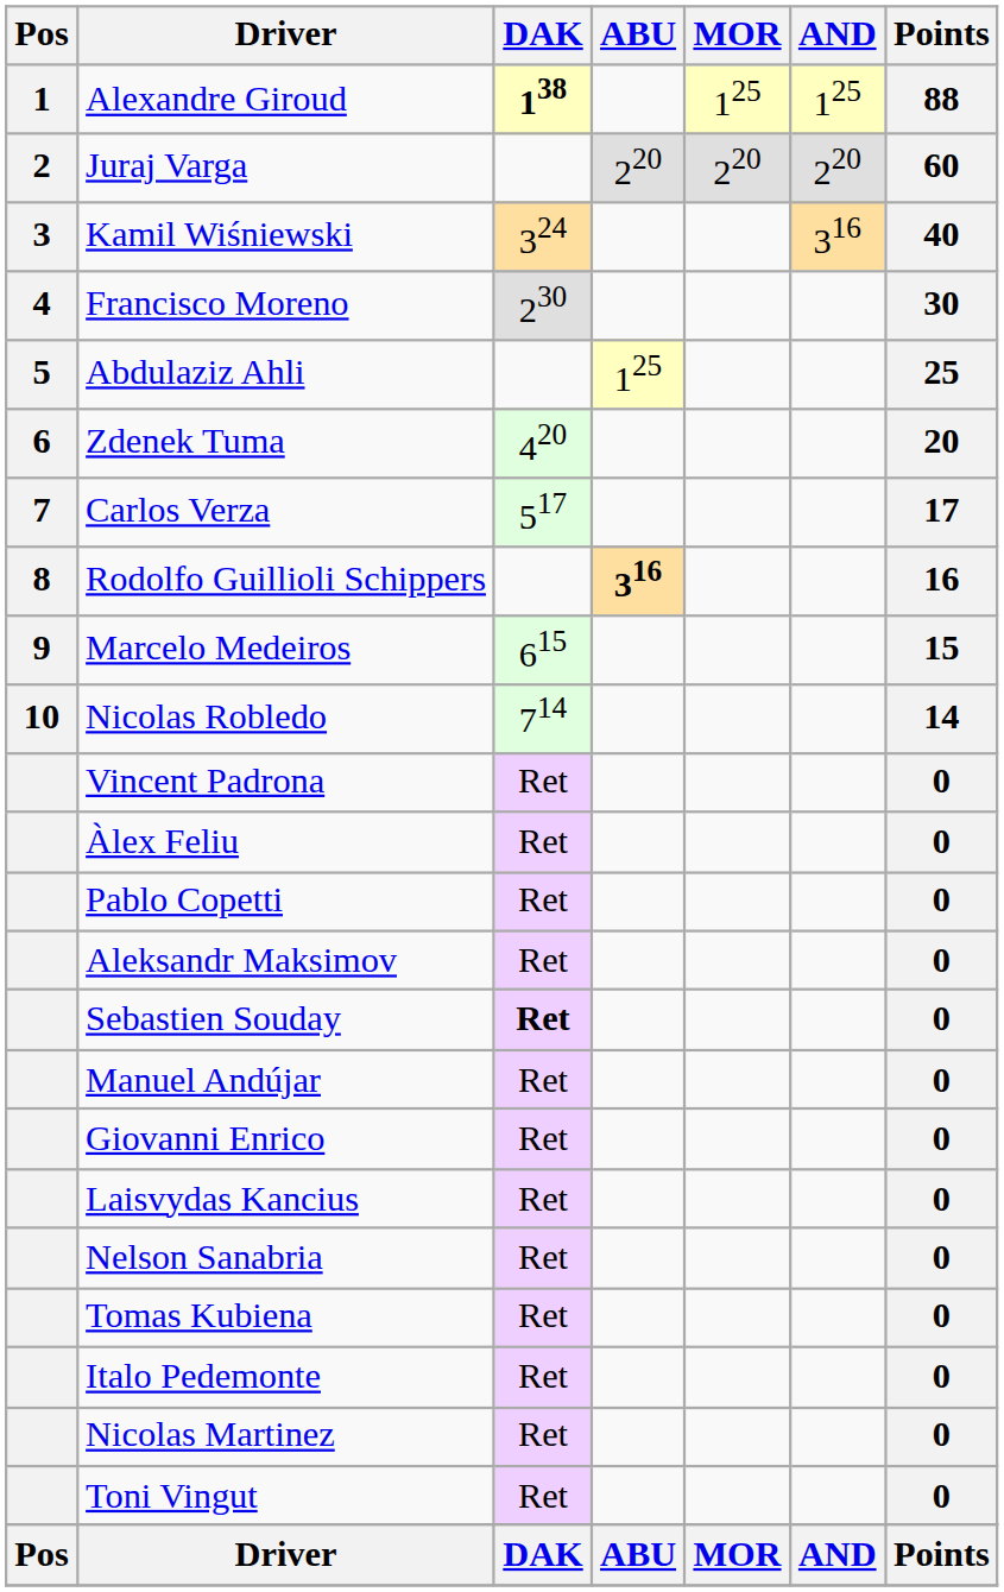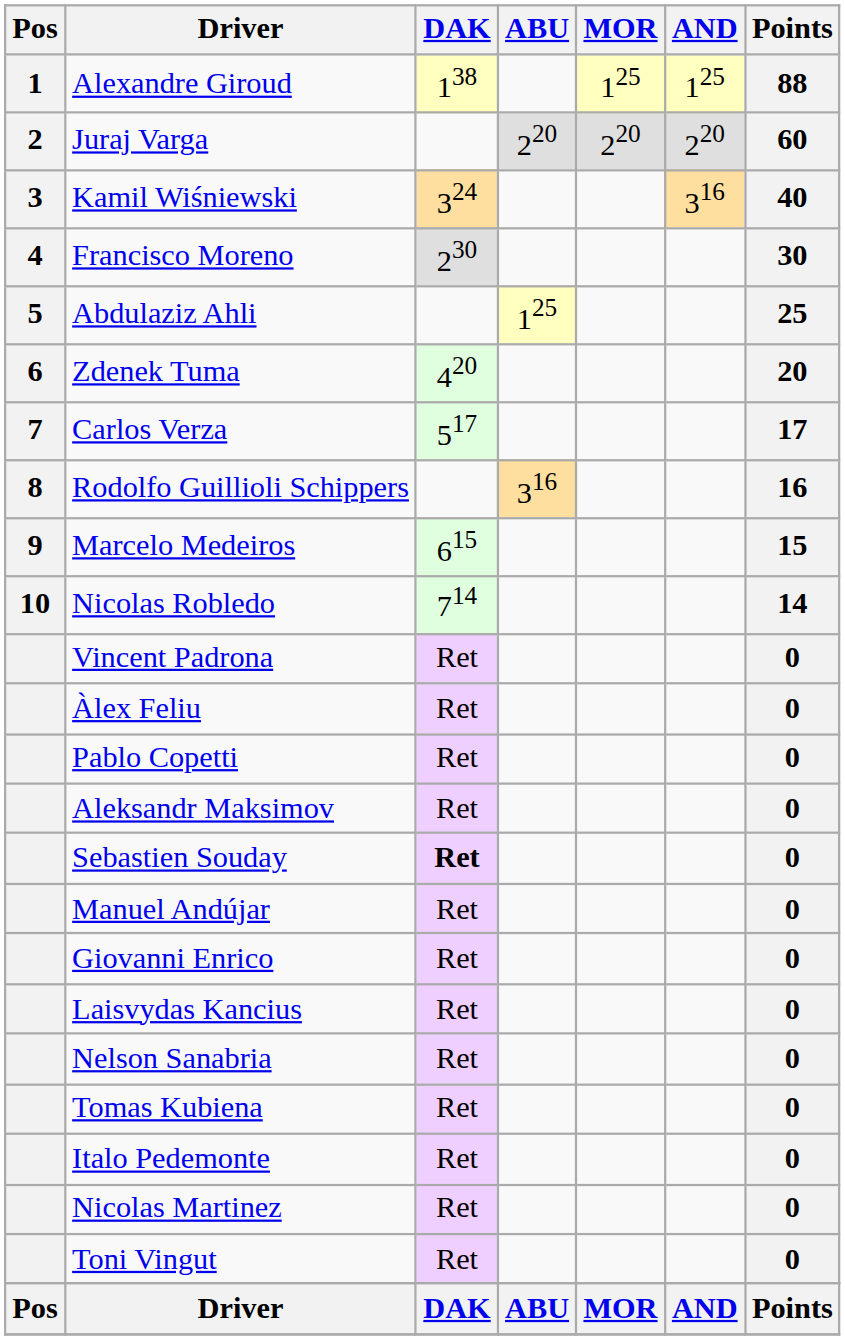 <table class="wikitable" style="font-size: 85%; text-align: center; display: inline-table;">
 <tr valign="top">
 <th valign="middle">Pos</th>
 <th valign="middle">Driver</th>
 <th><a href='#'>DAK</a><br></th>
 <th><a href='#'>ABU</a><br></th>
 <th><a href='#'>MOR</a><br></th>
 <th><a href='#'>AND</a><br></th>
 <th valign="middle">Points</th>
 </tr>
 <tr>
 <th>1</th>
 <td align=left> <a href='#'>Alexandre Giroud</a></td>
-<td style="background:#ffffbf;"><strong>1<sup>38</sup></strong></td>
+<td style="background:#ffffbf;">1<sup>38</sup></td>
 <td></td>
 <td style="background:#ffffbf;">1<sup>25</sup></td>
 <td style="background:#ffffbf;">1<sup>25</sup></td>
 <th>88</th>
 </tr>
 <tr>
 <th>2</th>
 <td align=left> <a href='#'>Juraj Varga</a></td>
 <td></td>
 <td style="background:#dfdfdf;">2<sup>20</sup></td>
 <td style="background:#dfdfdf;">2<sup>20</sup></td>
 <td style="background:#dfdfdf;">2<sup>20</sup></td>
 <th>60</th>
 </tr>
 <tr>
 <th>3</th>
 <td align=left> <a href='#'>Kamil Wiśniewski</a></td>
 <td style="background:#ffdf9f;">3<sup>24</sup></td>
 <td></td>
 <td></td>
 <td style="background:#ffdf9f;">3<sup>16</sup></td>
 <th>40</th>
 </tr>
 <tr>
 <th>4</th>
 <td align=left> <a href='#'>Francisco Moreno</a></td>
 <td style="background:#dfdfdf;">2<sup>30</sup></td>
 <td></td>
 <td></td>
 <td></td>
 <th>30</th>
 </tr>
 <tr>
 <th>5</th>
 <td align=left> <a href='#'>Abdulaziz Ahli</a></td>
 <td></td>
 <td style="background:#ffffbf;">1<sup>25</sup></td>
 <td></td>
 <td></td>
 <th>25</th>
 </tr>
 <tr>
 <th>6</th>
 <td align=left> <a href='#'>Zdenek Tuma</a></td>
 <td style="background:#dfffdf;">4<sup>20</sup></td>
 <td></td>
 <td></td>
 <td></td>
 <th>20</th>
 </tr>
 <tr>
 <th>7</th>
 <td align=left> <a href='#'>Carlos Verza</a></td>
 <td style="background:#dfffdf;">5<sup>17</sup></td>
 <td></td>
 <td></td>
 <td></td>
 <th>17</th>
 </tr>
 <tr>
 <th>8</th>
 <td align=left> <a href='#'>Rodolfo Guillioli Schippers</a></td>
 <td></td>
-<td style="background:#ffdf9f;"><strong>3<sup>16</sup></strong></td>
+<td style="background:#ffdf9f;">3<sup>16</sup></td>
 <td></td>
 <td></td>
 <th>16</th>
 </tr>
 <tr>
 <th>9</th>
 <td align=left> <a href='#'>Marcelo Medeiros</a></td>
 <td style="background:#dfffdf;">6<sup>15</sup></td>
 <td></td>
 <td></td>
 <td></td>
 <th>15</th>
 </tr>
 <tr>
 <th>10</th>
 <td align=left> <a href='#'>Nicolas Robledo</a></td>
 <td style="background:#dfffdf;">7<sup>14</sup></td>
 <td></td>
 <td></td>
 <td></td>
 <th>14</th>
 </tr>
 <tr>
 <th></th>
 <td align=left> <a href='#'>Vincent Padrona</a></td>
 <td style="background:#efcfff;">Ret</td>
 <td></td>
 <td></td>
 <td></td>
 <th>0</th>
 </tr>
 <tr>
 <th></th>
 <td align=left> <a href='#'>Àlex Feliu</a></td>
 <td style="background:#efcfff;">Ret</td>
 <td></td>
 <td></td>
 <td></td>
 <th>0</th>
 </tr>
 <tr>
 <th></th>
 <td align=left> <a href='#'>Pablo Copetti</a></td>
 <td style="background:#efcfff;">Ret</td>
 <td></td>
 <td></td>
 <td></td>
 <th>0</th>
 </tr>
 <tr>
 <th></th>
 <td align=left> <a href='#'>Aleksandr Maksimov</a></td>
 <td style="background:#efcfff;">Ret</td>
 <td></td>
 <td></td>
 <td></td>
 <th>0</th>
 </tr>
 <tr>
 <th></th>
 <td align=left> <a href='#'>Sebastien Souday</a></td>
 <td style="background:#efcfff;"><strong>Ret</strong></td>
 <td></td>
 <td></td>
 <td></td>
 <th>0</th>
 </tr>
 <tr>
 <th></th>
 <td align=left> <a href='#'>Manuel Andújar</a></td>
 <td style="background:#efcfff;">Ret</td>
 <td></td>
 <td></td>
 <td></td>
 <th>0</th>
 </tr>
 <tr>
 <th></th>
 <td align=left> <a href='#'>Giovanni Enrico</a></td>
 <td style="background:#efcfff;">Ret</td>
 <td></td>
 <td></td>
 <td></td>
 <th>0</th>
 </tr>
 <tr>
 <th></th>
 <td align=left> <a href='#'>Laisvydas Kancius</a></td>
 <td style="background:#efcfff;">Ret</td>
 <td></td>
 <td></td>
 <td></td>
 <th>0</th>
 </tr>
 <tr>
 <th></th>
 <td align=left> <a href='#'>Nelson Sanabria</a></td>
 <td style="background:#efcfff;">Ret</td>
 <td></td>
 <td></td>
 <td></td>
 <th>0</th>
 </tr>
 <tr>
 <th></th>
 <td align=left> <a href='#'>Tomas Kubiena</a></td>
 <td style="background:#efcfff;">Ret</td>
 <td></td>
 <td></td>
 <td></td>
 <th>0</th>
 </tr>
 <tr>
 <th></th>
 <td align=left> <a href='#'>Italo Pedemonte</a></td>
 <td style="background:#efcfff;">Ret</td>
 <td></td>
 <td></td>
 <td></td>
 <th>0</th>
 </tr>
 <tr>
 <th></th>
 <td align=left> <a href='#'>Nicolas Martinez</a></td>
 <td style="background:#efcfff;">Ret</td>
 <td></td>
 <td></td>
 <td></td>
 <th>0</th>
 </tr>
 <tr>
 <th></th>
 <td align=left> <a href='#'>Toni Vingut</a></td>
 <td style="background:#efcfff;">Ret</td>
 <td></td>
 <td></td>
 <td></td>
 <th>0</th>
 </tr>
 <tr>
 </tr>
 <tr valign="top">
 <th valign="middle">Pos</th>
 <th valign="middle">Driver</th>
 <th><a href='#'>DAK</a><br></th>
 <th><a href='#'>ABU</a><br></th>
 <th><a href='#'>MOR</a><br></th>
 <th><a href='#'>AND</a><br></th>
 <th valign="middle">Points</th>
 </tr>
 <tr>
 </tr>
 </table>
